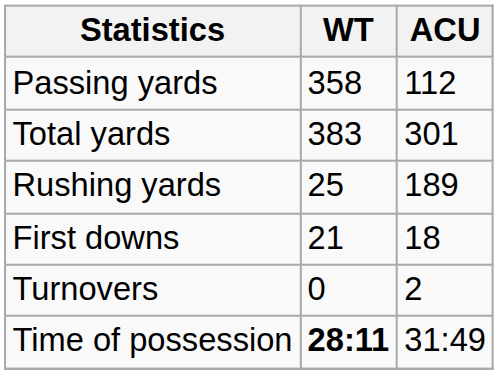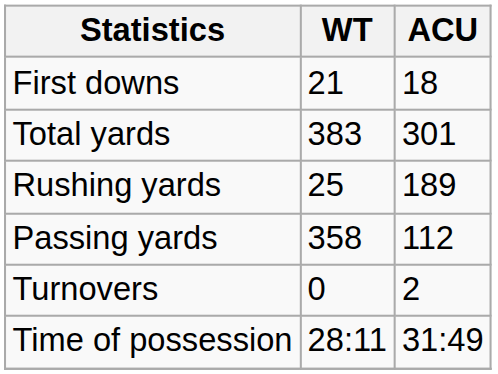 <table class="wikitable" style="float: left;">
 <tr>
 <th>Statistics</th>
 <th>WT</th>
 <th>ACU</th>
 </tr>
 <tr>
-<td>Passing yards</td>
-<td>358</td>
-<td>112</td>
+<td>First downs</td>
+<td>21</td>
+<td>18</td>
 </tr>
 <tr>
 <td>Total yards</td>
 <td>383</td>
 <td>301</td>
 </tr>
 <tr>
 <td>Rushing yards</td>
 <td>25</td>
 <td>189</td>
 </tr>
 <tr>
-<td>First downs</td>
-<td>21</td>
-<td>18</td>
+<td>Passing yards</td>
+<td>358</td>
+<td>112</td>
 </tr>
 <tr>
 <td>Turnovers</td>
 <td>0</td>
 <td>2</td>
 </tr>
 <tr>
 <td>Time of possession</td>
-<td><strong>28:11</strong></td>
+<td>28:11</td>
 <td>31:49</td>
 </tr>
 <tr>
 </tr>
 </table>
